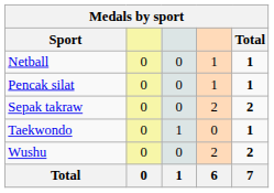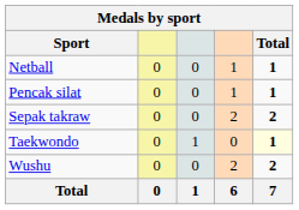 <table class="wikitable" style="font-size:90%; text-align:center;">
 <tr>
 <th colspan=5>Medals by sport</th>
 </tr>
 <tr>
 <th width=120>Sport</th>
 <th scope="col" width=30 style="background:#F7F6A8;"></th>
 <th scope="col" width=30 style="background:#DCE5E5;"></th>
 <th scope="col" width=30 style="background:#FFDAB9;"></th>
 <th width=30>Total</th>
 </tr>
 <tr>
 <td align=left><a href='#'>Netball</a></td>
 <td style="background:#F7F6A8;">0</td>
 <td style="background:#DCE5E5;">0</td>
 <td style="background:#FFDAB9;">1</td>
 <td><strong>1</strong></td>
 </tr>
 <tr>
 <td align=left><a href='#'>Pencak silat</a></td>
 <td style="background:#F7F6A8;">0</td>
 <td style="background:#DCE5E5;">0</td>
 <td style="background:#FFDAB9;">1</td>
 <td><strong>1</strong></td>
 </tr>
 <tr>
 <td align=left><a href='#'>Sepak takraw</a></td>
 <td style="background:#F7F6A8;">0</td>
 <td style="background:#DCE5E5;">0</td>
 <td style="background:#FFDAB9;">2</td>
 <td><strong>2</strong></td>
 </tr>
 <tr>
 <td align=left><a href='#'>Taekwondo</a></td>
 <td style="background:#F7F6A8;">0</td>
 <td style="background:#DCE5E5;">1</td>
 <td style="background:#FFDAB9;">0</td>
-<td><strong>1</strong></td>
+<td style="background: lightyellow;"><strong>1</strong></td>
 </tr>
 <tr>
 <td align=left><a href='#'>Wushu</a></td>
 <td style="background:#F7F6A8;">0</td>
 <td style="background:#DCE5E5;">0</td>
 <td style="background:#FFDAB9;">2</td>
 <td><strong>2</strong></td>
 </tr>
 <tr class="sortbottom">
 <th>Total</th>
 <th>0</th>
 <th>1</th>
 <th>6</th>
 <th>7</th>
 </tr>
 </table>
